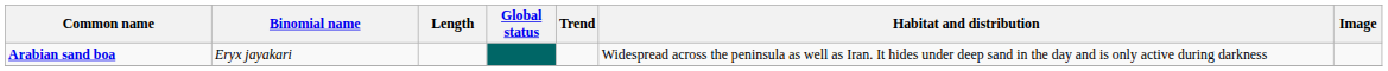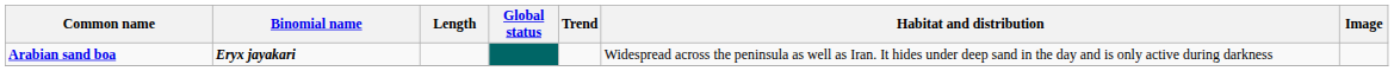 <table class="wikitable sortable">
 <tr>
 <th width="15%">Common name</th>
 <th width="15%"><a href='#'>Binomial name</a></th>
 <th width="5%">Length</th>
 <th width="5%"><a href='#'>Global status</a></th>
 <th width="1%">Trend</th>
 <th class="unsortable">Habitat and distribution</th>
 <th class="unsortable">Image</th>
 </tr>
 <tr>
 <td><strong><a href='#'>Arabian sand boa</a></strong></td>
-<td><em>Eryx jayakari</em></td>
+<td><strong><em>Eryx jayakari</em></strong></td>
 <td></td>
 <td align=center style="background: #006666"></td>
 <td align=center></td>
 <td>Widespread across the peninsula as well as Iran. It hides under deep sand in the day and is only active during darkness</td>
 <td></td>
 </tr>
 <tr>
 </tr>
 </table>
